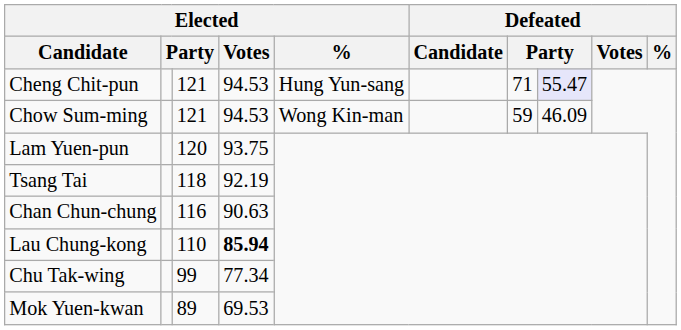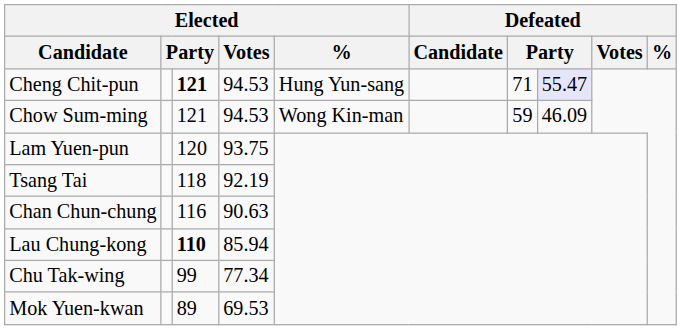 <table class="wikitable">
 <tr>
 <th colspan="5">Elected</th>
 <th colspan="5">Defeated</th>
 </tr>
 <tr>
 <th>Candidate</th>
 <th colspan="2">Party</th>
 <th>Votes</th>
 <th>%</th>
 <th>Candidate</th>
 <th colspan="2">Party</th>
 <th>Votes</th>
 <th>%</th>
 </tr>
 <tr>
 <td>Cheng Chit-pun</td>
 <td></td>
-<td>121</td>
+<td><strong>121</strong></td>
 <td>94.53</td>
 <td>Hung Yun-sang</td>
 <td></td>
 <td>71</td>
 <td style="background: lavender;">55.47</td>
 </tr>
 <tr>
 <td>Chow Sum-ming</td>
 <td></td>
 <td>121</td>
 <td>94.53</td>
 <td>Wong Kin-man</td>
 <td></td>
 <td>59</td>
 <td>46.09</td>
 </tr>
 <tr>
 <td>Lam Yuen-pun</td>
 <td></td>
 <td>120</td>
 <td>93.75</td>
 <td colspan="5" rowspan="6"></td>
 </tr>
 <tr>
 <td>Tsang Tai</td>
 <td></td>
 <td>118</td>
 <td>92.19</td>
 </tr>
 <tr>
 <td>Chan Chun-chung</td>
 <td></td>
 <td>116</td>
 <td>90.63</td>
 </tr>
 <tr>
 <td>Lau Chung-kong</td>
 <td></td>
-<td>110</td>
-<td><strong>85.94</strong></td>
+<td><strong>110</strong></td>
+<td>85.94</td>
 </tr>
 <tr>
 <td>Chu Tak-wing</td>
 <td></td>
 <td>99</td>
 <td>77.34</td>
 </tr>
 <tr>
 <td>Mok Yuen-kwan</td>
 <td></td>
 <td>89</td>
 <td>69.53</td>
 </tr>
 </table>
